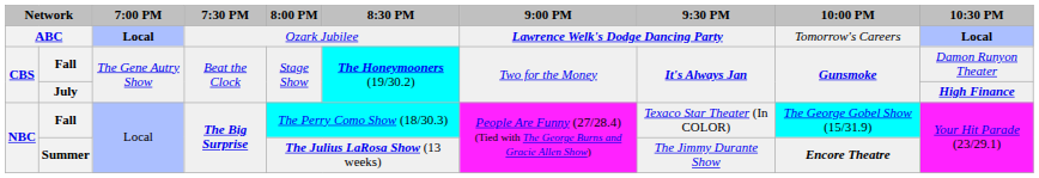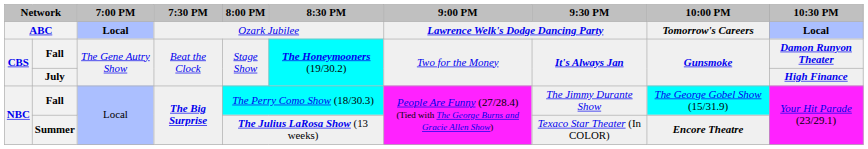 <table class="wikitable" style="width:100%;margin-right:0;text-align:center">
 <tr>
 <th colspan="2" style="background-color:#C0C0C0;text-align:center">Network</th>
 <th style="background-color:#C0C0C0;text-align:center">7:00 PM</th>
 <th style="background-color:#C0C0C0;text-align:center">7:30 PM</th>
 <th style="background-color:#C0C0C0;text-align:center">8:00 PM</th>
 <th style="background-color:#C0C0C0;text-align:center">8:30 PM</th>
 <th style="background-color:#C0C0C0;text-align:center">9:00 PM</th>
 <th style="background-color:#C0C0C0;text-align:center">9:30 PM</th>
 <th style="background-color:#C0C0C0;text-align:center">10:00 PM</th>
 <th style="background-color:#C0C0C0;text-align:center">10:30 PM</th>
 </tr>
 <tr>
 <th colspan="2"><a href='#'>ABC</a></th>
 <td bgcolor="#abbfff"><strong>Local</strong></td>
 <td bgcolor="#F0F0F0" colspan="3"><em><a href='#'>Ozark Jubilee</a></em></td>
 <td bgcolor="#F0F0F0" colspan="2"><strong><em><a href='#'>Lawrence Welk's Dodge Dancing Party</a></em></strong></td>
-<td bgcolor="#F0F0F0"><em>Tomorrow's Careers</em></td>
+<td bgcolor="#F0F0F0"><strong><em>Tomorrow's Careers</em></strong></td>
 <td bgcolor="#abbfff"><strong>Local</strong></td>
 </tr>
 <tr>
 <th rowspan="2"><a href='#'>CBS</a></th>
 <th>Fall</th>
 <td bgcolor="#F0F0F0" rowspan="2"><em><a href='#'>The Gene Autry Show</a></em></td>
 <td bgcolor="#F0F0F0" rowspan="2"><em><a href='#'>Beat the Clock</a></em></td>
 <td bgcolor="#F0F0F0" rowspan="2"><em><a href='#'>Stage Show</a></em></td>
 <td bgcolor="#00FFFF" rowspan="2"><strong><em><a href='#'>The Honeymooners</a></em></strong> (19/30.2)</td>
 <td bgcolor="#F0F0F0" rowspan="2"><em><a href='#'>Two for the Money</a></em></td>
 <td bgcolor="#F0F0F0" rowspan="2"><strong><em><a href='#'>It's Always Jan</a></em></strong></td>
 <td bgcolor="#F0F0F0" rowspan="2"><strong><em><a href='#'>Gunsmoke</a></em></strong></td>
-<td bgcolor="#F0F0F0"><em><a href='#'>Damon Runyon Theater</a></em></td>
+<td bgcolor="#F0F0F0"><strong><em><a href='#'>Damon Runyon Theater</a></em></strong></td>
 </tr>
 <tr>
 <th>July</th>
 <td bgcolor="#F0F0F0"><strong><em><a href='#'>High Finance</a></em></strong></td>
 </tr>
 <tr>
 <th rowspan="2"><a href='#'>NBC</a></th>
 <th>Fall</th>
 <td bgcolor="#abbfff" rowspan="2">Local</td>
 <td bgcolor="#F0F0F0" rowspan="2"><strong><em><a href='#'>The Big Surprise</a></em></strong></td>
 <td bgcolor="#00FFFF" colspan="2"><em><a href='#'>The Perry Como Show</a></em> (18/30.3)</td>
 <td bgcolor="#FF22FF" rowspan="2"><em><a href='#'>People Are Funny</a></em> (27/28.4)<br><small>(Tied with <em><a href='#'>The George Burns and Gracie Allen Show</a></em>)</small></td>
-<td bgcolor="#F0F0F0"><em><a href='#'>Texaco Star Theater</a></em> (In <span>C</span><span>O</span><span>L</span><span>O</span><span>R</span>)</td>
+<td bgcolor="#F0F0F0"><em><a href='#'>The Jimmy Durante Show</a></em></td>
 <td bgcolor="#00FFFF"><em><a href='#'>The George Gobel Show</a></em> (15/31.9)</td>
 <td bgcolor="#FF22FF" rowspan="2"><em><a href='#'>Your Hit Parade</a></em> (23/29.1)</td>
 </tr>
 <tr>
 <th>Summer</th>
 <td bgcolor="#F0F0F0"  colspan="2"><strong><em><a href='#'>The Julius LaRosa Show</a></em></strong> (13 weeks)</td>
-<td bgcolor="#F0F0F0"><em><a href='#'>The Jimmy Durante Show</a></em></td>
+<td bgcolor="#F0F0F0"><em><a href='#'>Texaco Star Theater</a></em> (In <span>C</span><span>O</span><span>L</span><span>O</span><span>R</span>)</td>
 <td bgcolor="#F0F0F0"><strong><em>Encore Theatre</em></strong></td>
 </tr>
 </table>
